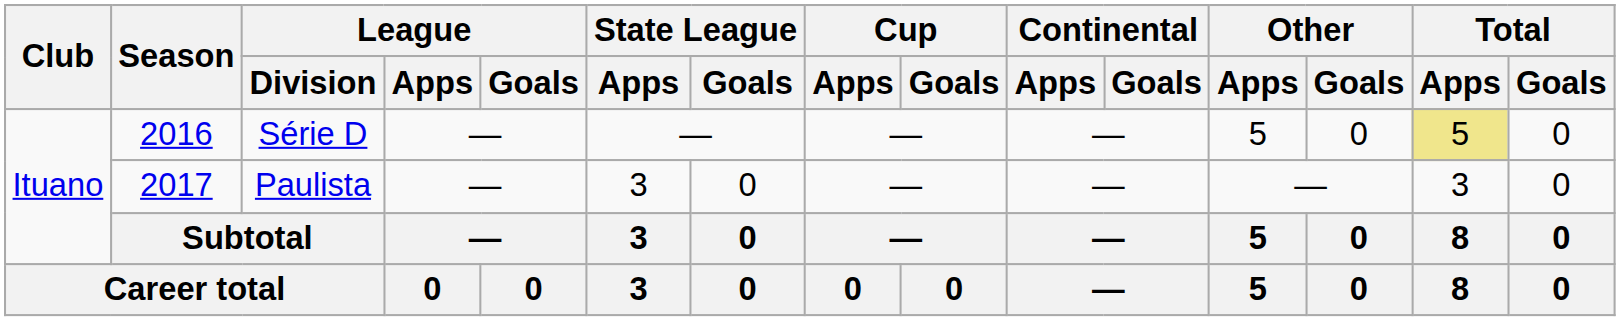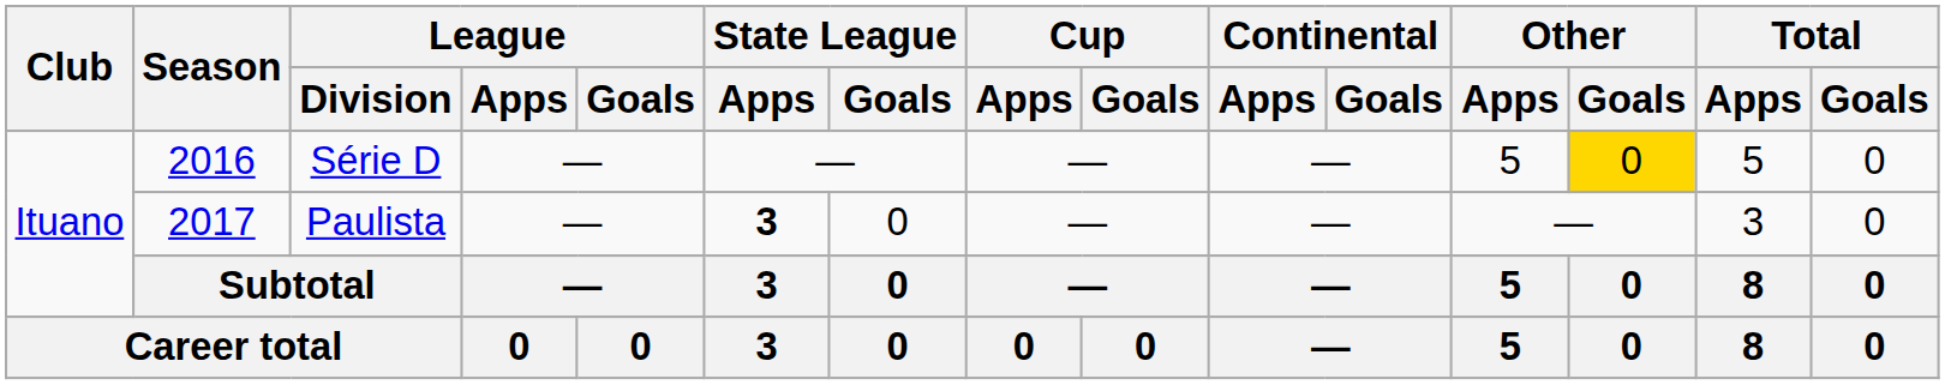 <table class="wikitable" style="text-align: center;">
 <tr>
 <th rowspan="2">Club</th>
 <th rowspan="2">Season</th>
 <th colspan="3">League</th>
 <th colspan="2">State League</th>
 <th colspan="2">Cup</th>
 <th colspan="2">Continental</th>
 <th colspan="2">Other</th>
 <th colspan="2">Total</th>
 </tr>
 <tr>
 <th>Division</th>
 <th>Apps</th>
 <th>Goals</th>
 <th>Apps</th>
 <th>Goals</th>
 <th>Apps</th>
 <th>Goals</th>
 <th>Apps</th>
 <th>Goals</th>
 <th>Apps</th>
 <th>Goals</th>
 <th>Apps</th>
 <th>Goals</th>
 </tr>
 <tr>
 <td rowspan=3 align="center"><a href='#'>Ituano</a></td>
 <td><a href='#'>2016</a></td>
 <td><a href='#'>Série D</a></td>
 <td colspan="2">—</td>
 <td colspan="2">—</td>
 <td colspan="2">—</td>
 <td colspan="2">—</td>
 <td>5</td>
-<td>0</td>
-<td style="background: khaki;">5</td>
+<td style="background: gold;">0</td>
+<td>5</td>
 <td>0</td>
 </tr>
 <tr>
 <td><a href='#'>2017</a></td>
 <td><a href='#'>Paulista</a></td>
 <td colspan="2">—</td>
-<td>3</td>
+<td><strong>3</strong></td>
 <td>0</td>
 <td colspan="2">—</td>
 <td colspan="2">—</td>
 <td colspan="2">—</td>
 <td>3</td>
 <td>0</td>
 </tr>
 <tr>
 <th colspan="2">Subtotal</th>
 <th colspan="2">—</th>
 <th>3</th>
 <th>0</th>
 <th colspan="2">—</th>
 <th colspan="2">—</th>
 <th>5</th>
 <th>0</th>
 <th>8</th>
 <th>0</th>
 </tr>
 <tr>
 <th colspan="3"><strong>Career total</strong></th>
 <th>0</th>
 <th>0</th>
 <th>3</th>
 <th>0</th>
 <th>0</th>
 <th>0</th>
 <th colspan="2">—</th>
 <th>5</th>
 <th>0</th>
 <th>8</th>
 <th>0</th>
 </tr>
 </table>
